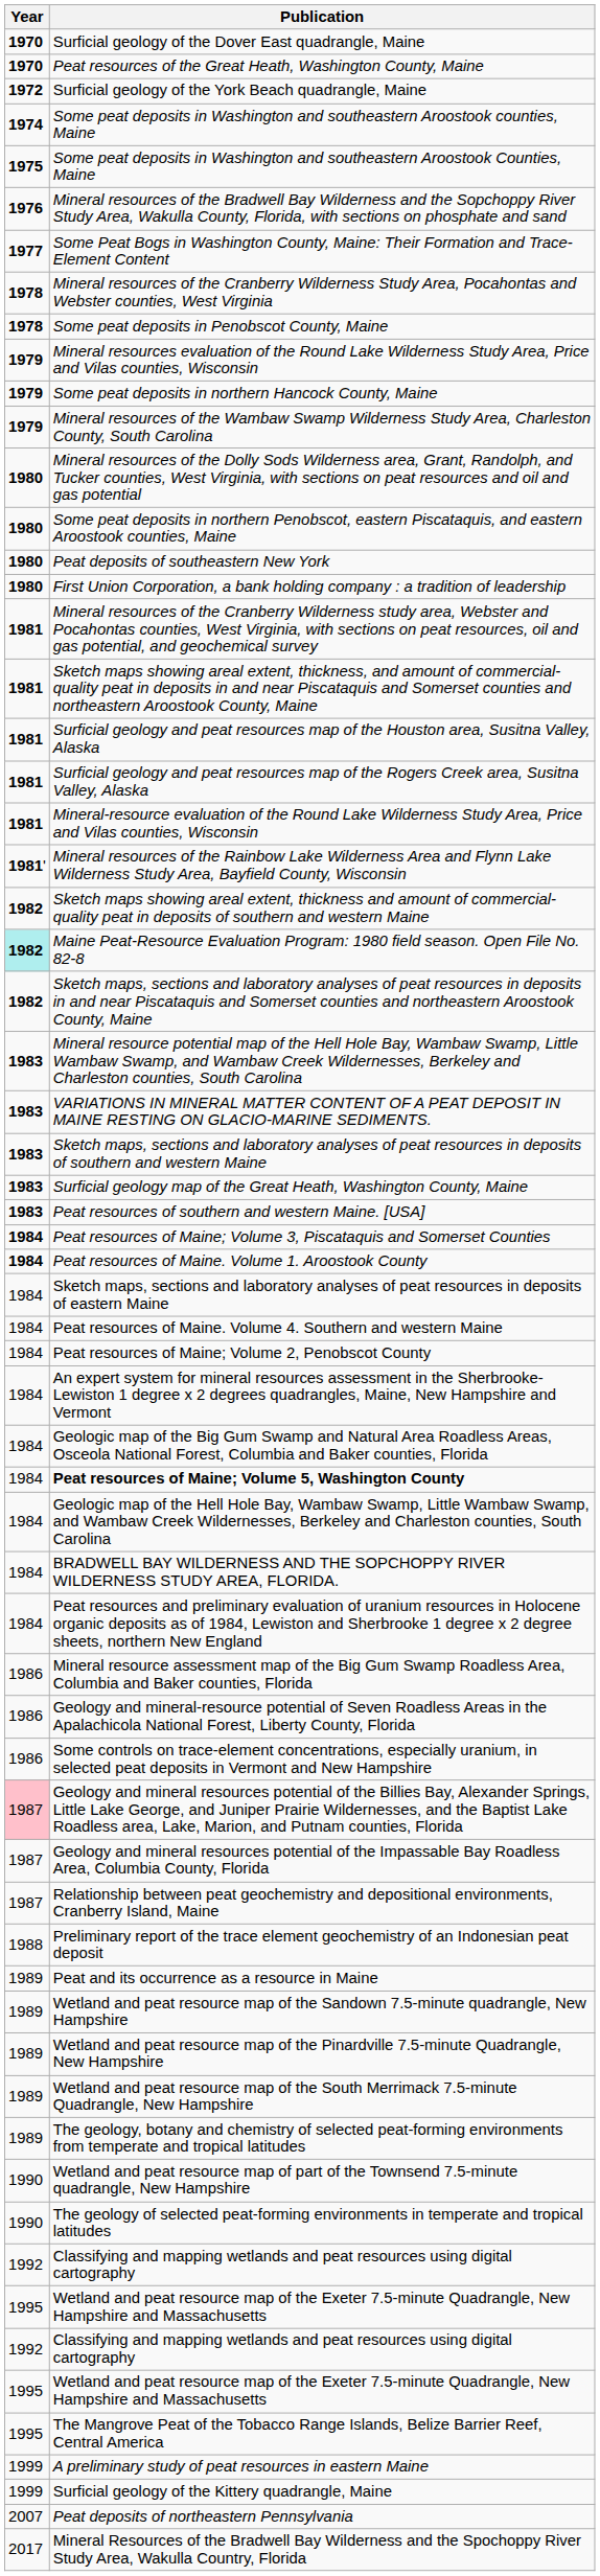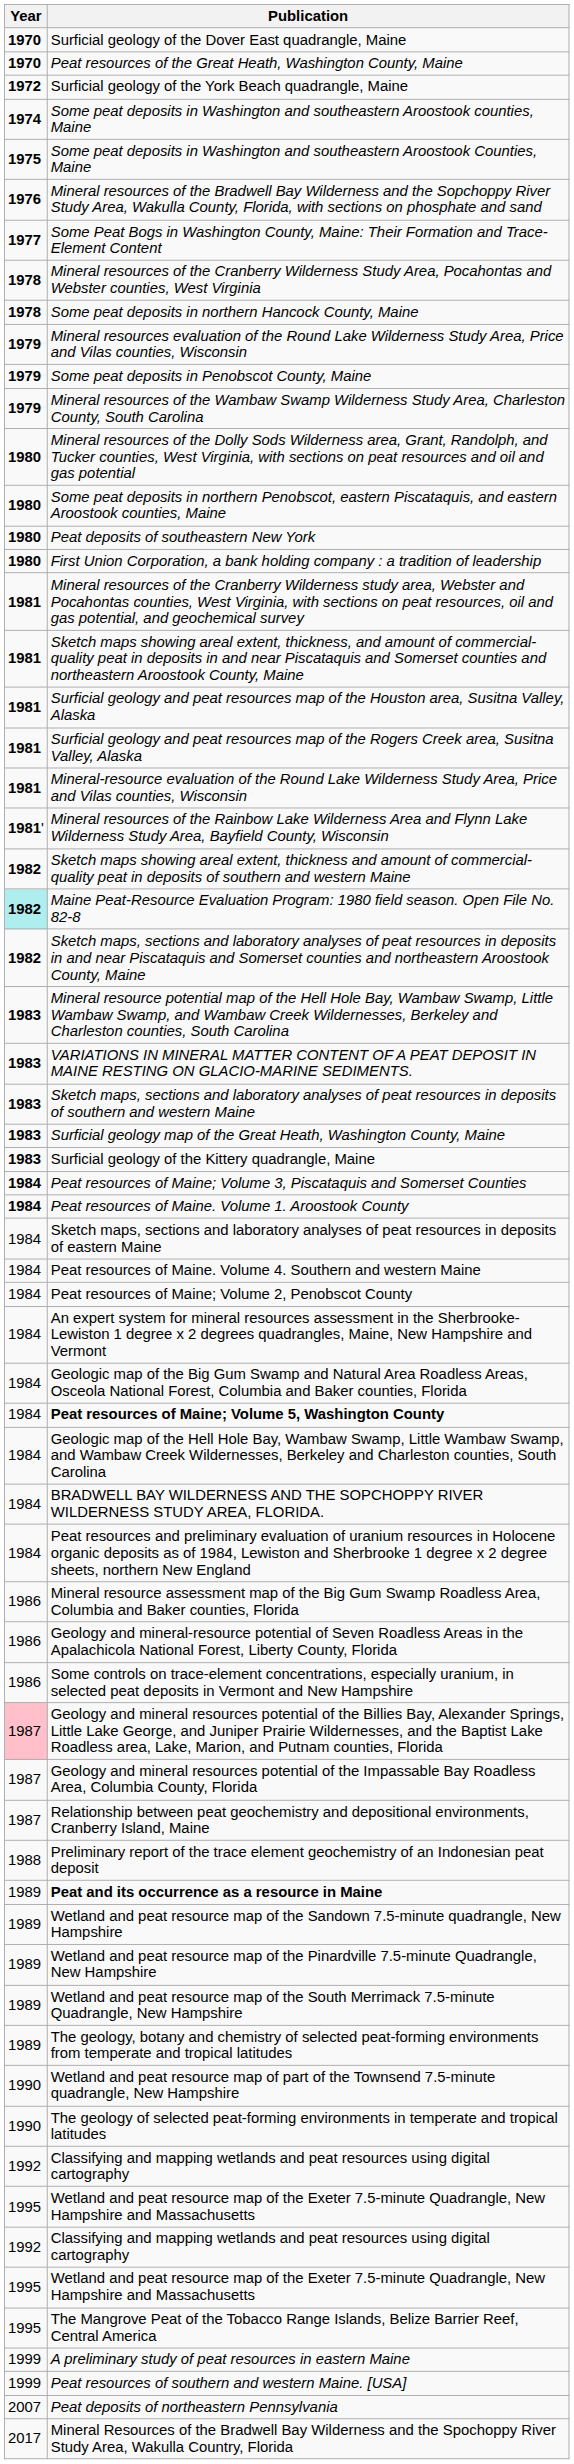 <table class="wikitable">
 <tr>
 <th>Year</th>
 <th>Publication</th>
 </tr>
 <tr>
 <td><strong>1970</strong></td>
 <td></em>Surficial geology of the Dover East quadrangle, Maine<em></td>
 </tr>
 <tr>
 <td><strong>1970</strong></td>
 <td><em>Peat resources of the Great Heath, Washington County, Maine</em></td>
 </tr>
 <tr>
 <td><strong>1972</strong></td>
 <td></em>Surficial geology of the York Beach quadrangle, Maine<em></td>
 </tr>
 <tr>
 <td><strong>1974</strong></td>
 <td><em>Some peat deposits in Washington and southeastern Aroostook counties, Maine</em></td>
 </tr>
 <tr>
 <td><strong>1975</strong></td>
 <td><em>Some peat deposits in Washington and southeastern Aroostook Counties, Maine</em></td>
 </tr>
 <tr>
 <td><strong>1976</strong></td>
 <td><em>Mineral resources of the Bradwell Bay Wilderness and the Sopchoppy River Study Area, Wakulla County, Florida, with sections on phosphate and sand</em></td>
 </tr>
 <tr>
 <td><strong>1977</strong></td>
 <td><em>Some Peat Bogs in Washington County, Maine: Their Formation and Trace-Element Content</em></td>
 </tr>
 <tr>
 <td><strong>1978</strong></td>
 <td><em>Mineral resources of the Cranberry Wilderness Study Area, Pocahontas and Webster counties, West Virginia</em></td>
 </tr>
 <tr>
 <td><strong>1978</strong></td>
-<td><em>Some peat deposits in Penobscot County, Maine</em></td>
+<td><em>Some peat deposits in northern Hancock County, Maine</em></td>
 </tr>
 <tr>
 <td><strong>1979</strong></td>
 <td><em>Mineral resources evaluation of the Round Lake Wilderness Study Area, Price and Vilas counties, Wisconsin</em></td>
 </tr>
 <tr>
 <td><strong>1979</strong></td>
-<td><em>Some peat deposits in northern Hancock County, Maine</em></td>
+<td><em>Some peat deposits in Penobscot County, Maine</em></td>
 </tr>
 <tr>
 <td><strong>1979</strong></td>
 <td><em>Mineral resources of the Wambaw Swamp Wilderness Study Area, Charleston County, South Carolina</em></td>
 </tr>
 <tr>
 <td><strong>1980</strong></td>
 <td><em>Mineral resources of the Dolly Sods Wilderness area, Grant, Randolph, and Tucker counties, West Virginia, with sections on peat resources and oil and gas potential</em></td>
 </tr>
 <tr>
 <td><strong>1980</strong></td>
 <td><em>Some peat deposits in northern Penobscot, eastern Piscataquis, and eastern Aroostook counties, Maine</em></td>
 </tr>
 <tr>
 <td><strong>1980</strong></td>
 <td><em>Peat deposits of southeastern New York</em></td>
 </tr>
 <tr>
 <td><strong>1980</strong></td>
 <td><em>First Union Corporation, a bank holding company : a tradition of leadership</em></td>
 </tr>
 <tr>
 <td><strong>1981</strong></td>
 <td><em>Mineral resources of the Cranberry Wilderness study area, Webster and Pocahontas counties, West Virginia, with sections on peat resources, oil and gas potential, and geochemical survey</em></td>
 </tr>
 <tr>
 <td><strong>1981</strong></td>
 <td><em>Sketch maps showing areal extent, thickness, and amount of commercial-quality peat in deposits in and near Piscataquis and Somerset counties and northeastern Aroostook County, Maine</em></td>
 </tr>
 <tr>
 <td><strong>1981</strong></td>
 <td><em>Surficial geology and peat resources map of the Houston area, Susitna Valley, Alaska</em></td>
 </tr>
 <tr>
 <td><strong>1981</strong></td>
 <td><em>Surficial geology and peat resources map of the Rogers Creek area, Susitna Valley, Alaska</em></td>
 </tr>
 <tr>
 <td><strong>1981</strong></td>
 <td><em>Mineral-resource evaluation of the Round Lake Wilderness Study Area, Price and Vilas counties, Wisconsin</em></td>
 </tr>
 <tr>
 <td><strong>1981</strong>'</td>
 <td><em>Mineral resources of the Rainbow Lake Wilderness Area and Flynn Lake Wilderness Study Area, Bayfield County, Wisconsin</em></td>
 </tr>
 <tr>
 <td><strong>1982</strong></td>
 <td><em>Sketch maps showing areal extent, thickness and amount of commercial-quality peat in deposits of southern and western Maine</em></td>
 </tr>
 <tr>
 <td style="background: paleturquoise;"><strong>1982</strong></td>
 <td><em>Maine Peat-Resource Evaluation Program: 1980 field season. Open File No. 82-8</em></td>
 </tr>
 <tr>
 <td><strong>1982</strong></td>
 <td><em>Sketch maps, sections and laboratory analyses of peat resources in deposits in and near Piscataquis and Somerset counties and northeastern Aroostook County, Maine</em></td>
 </tr>
 <tr>
 <td><strong>1983</strong></td>
 <td><em>Mineral resource potential map of the Hell Hole Bay, Wambaw Swamp, Little Wambaw Swamp, and Wambaw Creek Wildernesses, Berkeley and Charleston counties, South Carolina</em></td>
 </tr>
 <tr>
 <td><strong>1983</strong></td>
 <td><em>VARIATIONS IN MINERAL MATTER CONTENT OF A PEAT DEPOSIT IN MAINE RESTING ON GLACIO-MARINE SEDIMENTS.</em></td>
 </tr>
 <tr>
 <td><strong>1983</strong></td>
 <td><em>Sketch maps, sections and laboratory analyses of peat resources in deposits of southern and western Maine</em></td>
 </tr>
 <tr>
 <td><strong>1983</strong></td>
 <td><em>Surficial geology map of the Great Heath, Washington County, Maine</em></td>
 </tr>
 <tr>
 <td><strong>1983</strong></td>
-<td><em>Peat resources of southern and western Maine. [USA]</em></td>
+<td></em>Surficial geology of the Kittery quadrangle, Maine<em></td>
 </tr>
 <tr>
 <td><strong>1984</strong></td>
 <td><em>Peat resources of Maine; Volume 3, Piscataquis and Somerset Counties</em></td>
 </tr>
 <tr>
 <td><strong>1984</strong></td>
 <td><em>Peat resources of Maine. Volume 1. Aroostook County<strong></td>
 </tr>
 <tr>
 <td></strong>1984<strong></td>
 <td></em>Sketch maps, sections and laboratory analyses of peat resources in deposits of eastern Maine<em></td>
 </tr>
 <tr>
 <td></strong>1984<strong></td>
 <td>Peat resources of Maine. Volume 4. Southern and western Maine</td>
 </tr>
 <tr>
 <td></strong>1984<strong></td>
 <td></em>Peat resources of Maine; Volume 2, Penobscot County<em></td>
 </tr>
 <tr>
 <td></strong>1984<strong></td>
 <td></em>An expert system for mineral resources assessment in the Sherbrooke-Lewiston 1 degree x 2 degrees quadrangles, Maine, New Hampshire and Vermont<em></td>
 </tr>
 <tr>
 <td></strong>1984<strong></td>
 <td></em>Geologic map of the Big Gum Swamp and Natural Area Roadless Areas, Osceola National Forest, Columbia and Baker counties, Florida<em></td>
 </tr>
 <tr>
 <td></strong>1984<strong></td>
 <td><strong></em>Peat resources of Maine; Volume 5, Washington County<em></strong></td>
 </tr>
 <tr>
 <td></strong>1984<strong></td>
 <td></em>Geologic map of the Hell Hole Bay, Wambaw Swamp, Little Wambaw Swamp, and Wambaw Creek Wildernesses, Berkeley and Charleston counties, South Carolina<em></td>
 </tr>
 <tr>
 <td></strong>1984<strong></td>
 <td></em>BRADWELL BAY WILDERNESS AND THE SOPCHOPPY RIVER WILDERNESS STUDY AREA, FLORIDA.<em></td>
 </tr>
 <tr>
 <td></strong>1984<strong></td>
 <td></em>Peat resources and preliminary evaluation of uranium resources in Holocene organic deposits as of 1984, Lewiston and Sherbrooke 1 degree x 2 degree sheets, northern New England<em></td>
 </tr>
 <tr>
 <td></strong>1986<strong></td>
 <td></em>Mineral resource assessment map of the Big Gum Swamp Roadless Area, Columbia and Baker counties, Florida<em></td>
 </tr>
 <tr>
 <td></strong>1986<strong></td>
 <td></em>Geology and mineral-resource potential of Seven Roadless Areas in the Apalachicola National Forest, Liberty County, Florida<em></td>
 </tr>
 <tr>
 <td></strong>1986<strong></td>
 <td></em>Some controls on trace-element concentrations, especially uranium, in selected peat deposits in Vermont and New Hampshire<em></td>
 </tr>
 <tr>
 <td style="background: pink;"></strong>1987<strong></td>
 <td></em>Geology and mineral resources potential of the Billies Bay, Alexander Springs, Little Lake George, and Juniper Prairie Wildernesses, and the Baptist Lake Roadless area, Lake, Marion, and Putnam counties, Florida<em></td>
 </tr>
 <tr>
 <td></strong>1987<strong></td>
 <td></em>Geology and mineral resources potential of the Impassable Bay Roadless Area, Columbia County, Florida<em></td>
 </tr>
 <tr>
 <td></strong>1987<strong></td>
 <td></em>Relationship between peat geochemistry and depositional environments, Cranberry Island, Maine<em></td>
 </tr>
 <tr>
 <td></strong>1988<strong></td>
 <td></em>Preliminary report of the trace element geochemistry of an Indonesian peat deposit<em></td>
 </tr>
 <tr>
 <td></strong>1989<strong></td>
-<td></em>Peat and its occurrence as a resource in Maine<em></td>
+<td><strong></em>Peat and its occurrence as a resource in Maine<em></strong></td>
 </tr>
 <tr>
 <td></strong>1989<strong></td>
 <td></em>Wetland and peat resource map of the Sandown 7.5-minute quadrangle, New Hampshire<em></td>
 </tr>
 <tr>
 <td></strong>1989<strong></td>
 <td></em>Wetland and peat resource map of the Pinardville 7.5-minute Quadrangle, New Hampshire<em></td>
 </tr>
 <tr>
 <td></strong>1989<strong></td>
 <td></em>Wetland and peat resource map of the South Merrimack 7.5-minute Quadrangle, New Hampshire<em></td>
 </tr>
 <tr>
 <td></strong>1989<strong></td>
 <td></em>The geology, botany and chemistry of selected peat-forming environments from temperate and tropical latitudes<em></td>
 </tr>
 <tr>
 <td></strong>1990<strong></td>
 <td></em>Wetland and peat resource map of part of the Townsend 7.5-minute quadrangle, New Hampshire<em></td>
 </tr>
 <tr>
 <td></strong>1990<strong></td>
 <td></em>The geology of selected peat-forming environments in temperate and tropical latitudes<em></td>
 </tr>
 <tr>
 <td></strong>1992<strong></td>
 <td></em>Classifying and mapping wetlands and peat resources using digital cartography<em></td>
 </tr>
 <tr>
 <td></strong>1995<strong></td>
 <td></em>Wetland and peat resource map of the Exeter 7.5-minute Quadrangle, New Hampshire and Massachusetts<em></td>
 </tr>
 <tr>
 <td></strong>1992<strong></td>
 <td></em>Classifying and mapping wetlands and peat resources using digital cartography<em></td>
 </tr>
 <tr>
 <td></strong>1995<strong></td>
 <td></em>Wetland and peat resource map of the Exeter 7.5-minute Quadrangle, New Hampshire and Massachusetts<em></td>
 </tr>
 <tr>
 <td></strong>1995<strong></td>
 <td></em>The Mangrove Peat of the Tobacco Range Islands, Belize Barrier Reef, Central America<em></td>
 </tr>
 <tr>
 <td></strong>1999<strong></td>
 <td><em>A preliminary study of peat resources in eastern Maine</em></td>
 </tr>
 <tr>
 <td></strong>1999<strong></td>
-<td></em>Surficial geology of the Kittery quadrangle, Maine<em></td>
+<td><em>Peat resources of southern and western Maine. [USA]</em></td>
 </tr>
 <tr>
 <td></strong>2007<strong></td>
 <td><em>Peat deposits of northeastern Pennsylvania</em></td>
 </tr>
 <tr>
 <td></strong>2017<strong></td>
 <td></em>Mineral Resources of the Bradwell Bay Wilderness and the Spochoppy River Study Area, Wakulla Country, Florida<em></td>
 </tr>
 </table>
